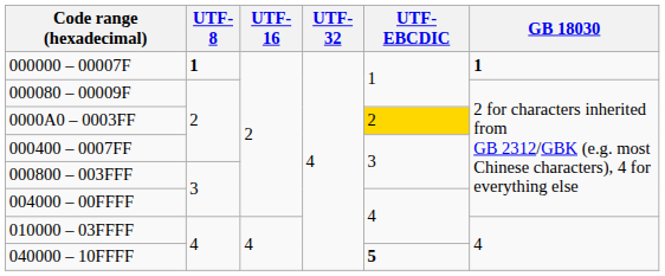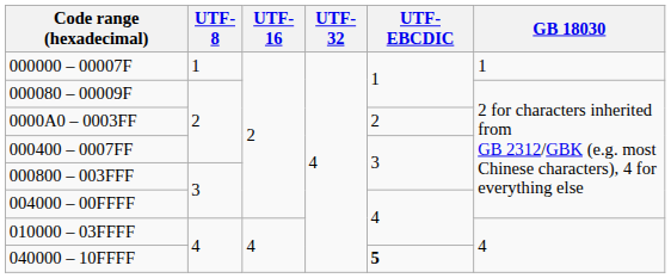 <table class="wikitable">
 <tr>
 <th>Code range (hexadecimal)</th>
 <th><a href='#'>UTF-8</a></th>
 <th><a href='#'>UTF-16</a></th>
 <th><a href='#'>UTF-32</a></th>
 <th><a href='#'>UTF-EBCDIC</a></th>
 <th><a href='#'>GB 18030</a></th>
 </tr>
 <tr>
 <td>000000 – 00007F</td>
-<td><strong>1</strong></td>
+<td>1</td>
 <td rowspan=6>2</td>
 <td rowspan=8>4</td>
 <td rowspan=2>1</td>
-<td><strong>1</strong></td>
+<td>1</td>
 </tr>
 <tr>
 <td>000080 – 00009F</td>
 <td rowspan=3>2</td>
 <td rowspan=5>2 for characters inherited from<br><a href='#'>GB 2312</a>/<a href='#'>GBK</a> (e.g. most<br>Chinese characters), 4 for<br>everything else</td>
 </tr>
 <tr>
 <td>0000A0 – 0003FF</td>
-<td style="background: gold;">2</td>
+<td>2</td>
 </tr>
 <tr>
 <td>000400 – 0007FF</td>
 <td rowspan=2>3</td>
 </tr>
 <tr>
 <td>000800 – 003FFF</td>
 <td rowspan=2>3</td>
 </tr>
 <tr>
 <td>004000 – 00FFFF</td>
 <td rowspan=2>4</td>
 </tr>
 <tr>
 <td>010000 – 03FFFF</td>
 <td rowspan=2>4</td>
 <td rowspan=2>4</td>
 <td rowspan=2>4</td>
 </tr>
 <tr>
 <td>040000 – 10FFFF</td>
 <td><strong>5</strong></td>
 </tr>
 </table>
